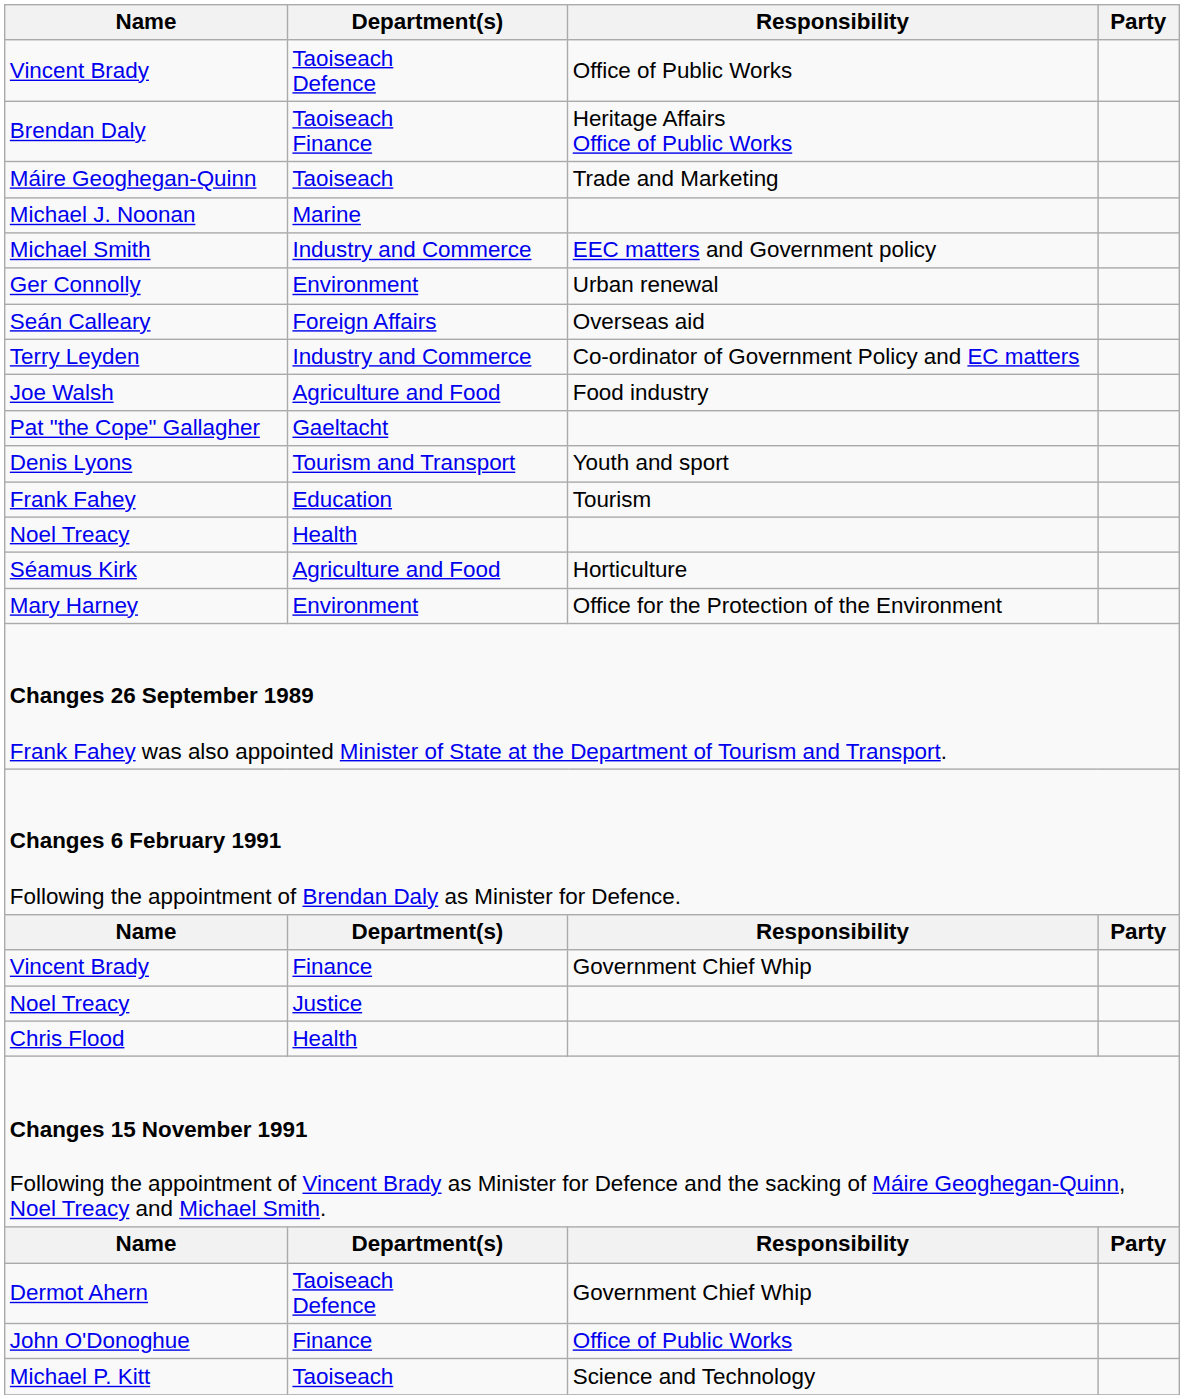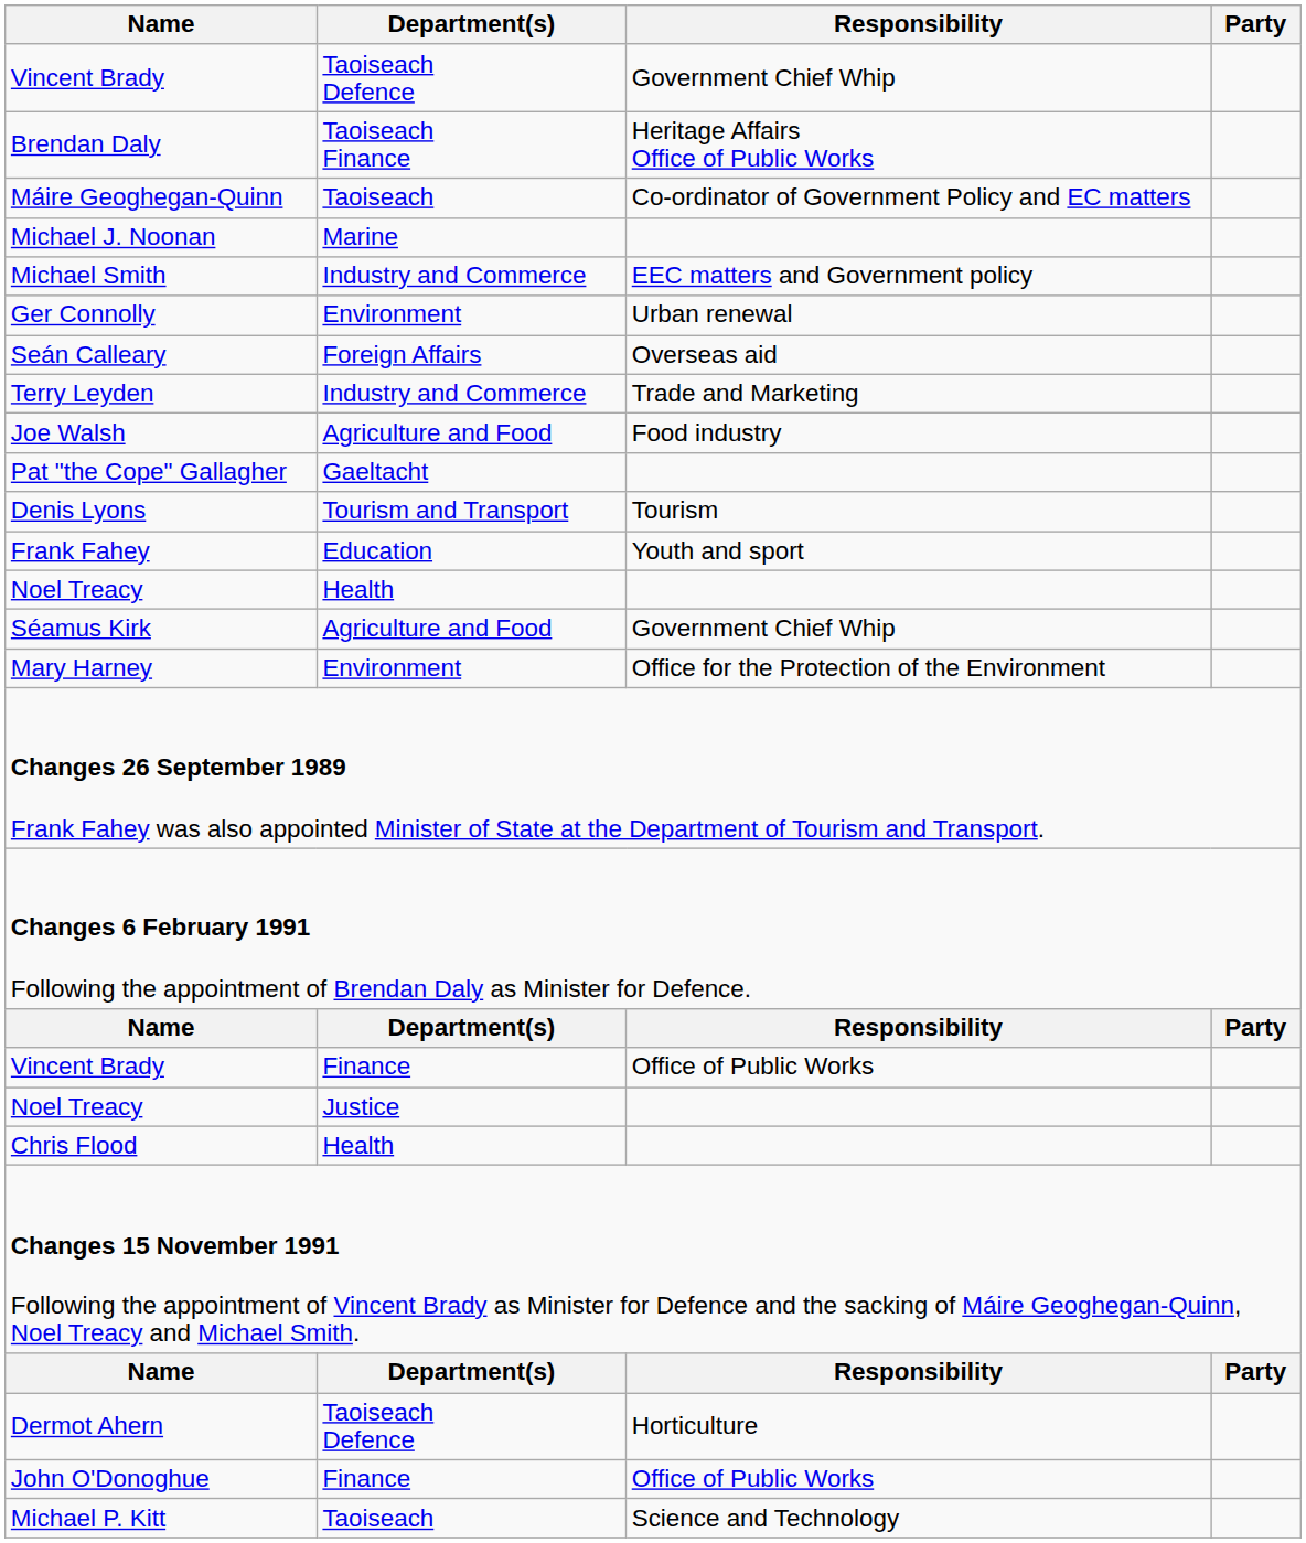 <table class="wikitable" width=95%>
 <tr>
 <th>Name</th>
 <th>Department(s)</th>
 <th>Responsibility</th>
 <th colspan="2">Party</th>
 </tr>
 <tr>
 <td><a href='#'>Vincent Brady</a></td>
 <td><a href='#'>Taoiseach</a><br><a href='#'>Defence</a></td>
-<td>Office of Public Works<br></td>
+<td>Government Chief Whip</td>
 <td></td>
 </tr>
 <tr>
 <td><a href='#'>Brendan Daly</a></td>
 <td><a href='#'>Taoiseach</a><br><a href='#'>Finance</a></td>
 <td>Heritage Affairs<br><a href='#'>Office of Public Works</a></td>
 <td></td>
 </tr>
 <tr>
 <td><a href='#'>Máire Geoghegan-Quinn</a></td>
 <td><a href='#'>Taoiseach</a></td>
-<td>Trade and Marketing</td>
+<td>Co-ordinator of Government Policy and <a href='#'>EC matters</a></td>
 <td></td>
 </tr>
 <tr>
 <td><a href='#'>Michael J. Noonan</a></td>
 <td><a href='#'>Marine</a></td>
 <td></td>
 <td></td>
 </tr>
 <tr>
 <td><a href='#'>Michael Smith</a></td>
 <td><a href='#'>Industry and Commerce</a></td>
 <td><a href='#'>EEC matters</a> and Government policy</td>
 <td></td>
 </tr>
 <tr>
 <td><a href='#'>Ger Connolly</a></td>
 <td><a href='#'>Environment</a></td>
 <td>Urban renewal</td>
 <td></td>
 </tr>
 <tr>
 <td><a href='#'>Seán Calleary</a></td>
 <td><a href='#'>Foreign Affairs</a></td>
 <td>Overseas aid</td>
 <td></td>
 </tr>
 <tr>
 <td><a href='#'>Terry Leyden</a></td>
 <td><a href='#'>Industry and Commerce</a></td>
-<td>Co-ordinator of Government Policy and <a href='#'>EC matters</a></td>
+<td>Trade and Marketing</td>
 <td></td>
 </tr>
 <tr>
 <td><a href='#'>Joe Walsh</a></td>
 <td><a href='#'>Agriculture and Food</a></td>
 <td>Food industry</td>
 <td></td>
 </tr>
 <tr>
 <td><a href='#'>Pat "the Cope" Gallagher</a></td>
 <td><a href='#'>Gaeltacht</a></td>
 <td></td>
 <td></td>
 </tr>
 <tr>
 <td><a href='#'>Denis Lyons</a></td>
 <td><a href='#'>Tourism and Transport</a></td>
-<td>Youth and sport</td>
+<td>Tourism</td>
 <td></td>
 </tr>
 <tr>
 <td><a href='#'>Frank Fahey</a></td>
 <td><a href='#'>Education</a></td>
-<td>Tourism</td>
+<td>Youth and sport</td>
 <td></td>
 </tr>
 <tr>
 <td><a href='#'>Noel Treacy</a></td>
 <td><a href='#'>Health</a></td>
 <td></td>
 <td></td>
 </tr>
 <tr>
 <td><a href='#'>Séamus Kirk</a></td>
 <td><a href='#'>Agriculture and Food</a></td>
-<td>Horticulture</td>
+<td>Government Chief Whip</td>
 <td></td>
 </tr>
 <tr>
 <td><a href='#'>Mary Harney</a></td>
 <td><a href='#'>Environment</a></td>
 <td>Office for the Protection of the Environment</td>
 <td></td>
 </tr>
 <tr>
 <td colspan="5"><br><h4>Changes 26 September 1989</h4><a href='#'>Frank Fahey</a> was also appointed <a href='#'>Minister of State at the Department of Tourism and Transport</a>.</td>
 </tr>
 <tr>
 <td colspan="5"><br><h4>Changes 6 February 1991</h4>Following the appointment of <a href='#'>Brendan Daly</a> as Minister for Defence.</td>
 </tr>
 <tr>
 <th>Name</th>
 <th>Department(s)</th>
 <th>Responsibility</th>
 <th colspan="2">Party</th>
 </tr>
 <tr>
 <td><a href='#'>Vincent Brady</a></td>
 <td><a href='#'>Finance</a></td>
-<td>Government Chief Whip</td>
+<td>Office of Public Works<br></td>
 <td></td>
 </tr>
 <tr>
 <td><a href='#'>Noel Treacy</a></td>
 <td><a href='#'>Justice</a></td>
 <td></td>
 <td></td>
 </tr>
 <tr>
 <td><a href='#'>Chris Flood</a></td>
 <td><a href='#'>Health</a></td>
 <td></td>
 <td></td>
 </tr>
 <tr>
 <td colspan="5"><br><h4>Changes 15 November 1991</h4>Following the appointment of <a href='#'>Vincent Brady</a> as Minister for Defence and the sacking of <a href='#'>Máire Geoghegan-Quinn</a>, <a href='#'>Noel Treacy</a> and <a href='#'>Michael Smith</a>.</td>
 </tr>
 <tr>
 <th>Name</th>
 <th>Department(s)</th>
 <th>Responsibility</th>
 <th colspan="2">Party</th>
 </tr>
 <tr>
 <td><a href='#'>Dermot Ahern</a></td>
 <td><a href='#'>Taoiseach</a><br><a href='#'>Defence</a></td>
-<td>Government Chief Whip</td>
+<td>Horticulture</td>
 <td></td>
 </tr>
 <tr>
 <td><a href='#'>John O'Donoghue</a></td>
 <td><a href='#'>Finance</a></td>
 <td><a href='#'>Office of Public Works</a></td>
 <td></td>
 </tr>
 <tr>
 <td><a href='#'>Michael P. Kitt</a></td>
 <td><a href='#'>Taoiseach</a></td>
 <td>Science and Technology</td>
 <td></td>
 </tr>
 </table>
